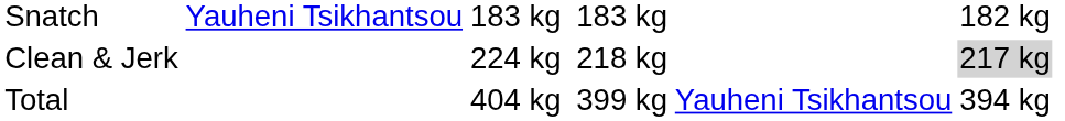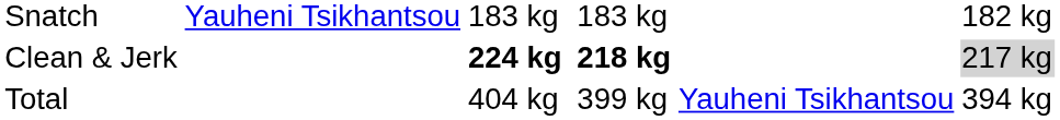 <table>
 <tr>
 <td>Snatch</td>
 <td> <a href='#'>Yauheni Tsikhantsou</a> </td>
 <td>183 kg</td>
 <td></td>
 <td>183 kg</td>
 <td></td>
 <td>182 kg</td>
 </tr>
 <tr>
 <td>Clean & Jerk</td>
 <td></td>
-<td>224 kg</td>
+<td><strong>224 kg</strong></td>
 <td></td>
-<td>218 kg</td>
+<td><strong>218 kg</strong></td>
 <td></td>
 <td style="background: lightgrey;">217 kg</td>
 </tr>
 <tr>
 <td>Total</td>
 <td></td>
 <td>404 kg</td>
 <td></td>
 <td>399 kg</td>
 <td> <a href='#'>Yauheni Tsikhantsou</a> </td>
 <td>394 kg</td>
 </tr>
 </table>
